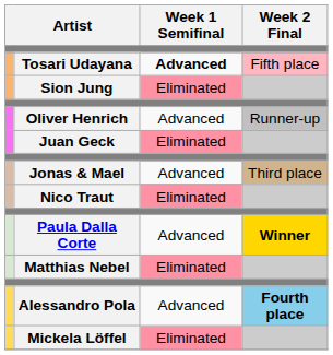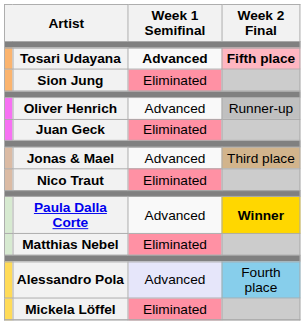 <table class="wikitable" style="font-size:90%; text-align:center; width:50%">
 <tr>
 <th style="width:18%" colspan="2">Artist</th>
 <th style="width:11%" scope="col">Week 1<br>Semifinal</th>
 <th style="width:11%" scope="col">Week 2<br>Final</th>
 </tr>
 <tr>
 <th style="background:grey" colspan="7"></th>
 </tr>
 <tr>
 <th style="background:#fbb46e"></th>
 <th>Tosari Udayana</th>
 <td><strong>Advanced</strong></td>
-<td style="background:lightpink">Fifth place</td>
+<td style="background:lightpink"><strong>Fifth place</strong></td>
 </tr>
 <tr>
 <th style="background:#fbb46e"></th>
 <th>Sion Jung</th>
 <td style="background:#FF91A4">Eliminated</td>
 <td style="background:#ccc"></td>
 </tr>
 <tr>
 <th colspan="7" style="background:grey"></th>
 </tr>
 <tr>
 <th style="background:#f771f3"></th>
 <th>Oliver Henrich</th>
 <td>Advanced</td>
 <td style="background:silver">Runner-up</td>
 </tr>
 <tr>
 <th style="background:#f771f3"></th>
 <th>Juan Geck</th>
 <td style="background:#FF91A4">Eliminated</td>
 <td style="background:#ccc"></td>
 </tr>
 <tr>
 <th style="background:grey" colspan="7"></th>
 </tr>
 <tr>
 <th style="background:#dbbba4"></th>
 <th>Jonas & Mael</th>
 <td>Advanced</td>
 <td style="background:tan">Third place</td>
 </tr>
 <tr>
 <th style="background:#dbbba4"></th>
 <th>Nico Traut</th>
 <td style="background:#FF91A4">Eliminated</td>
 <td style="background:#ccc"></td>
 </tr>
 <tr>
 <th style="background:grey" colspan="7"></th>
 </tr>
 <tr>
 <th style="background:#d7ead1"></th>
 <th><a href='#'>Paula Dalla Corte</a></th>
 <td>Advanced</td>
 <td style="background:gold"><strong>Winner</strong></td>
 </tr>
 <tr>
 <th style="background:#d7ead1"></th>
 <th>Matthias Nebel</th>
 <td style="background:#FF91A4">Eliminated</td>
 <td style="background:#ccc"></td>
 </tr>
 <tr>
 <th style="background:grey" colspan="7"></th>
 </tr>
 <tr>
 <th style="background:#ffdb58"></th>
 <th>Alessandro Pola</th>
-<td>Advanced</td>
-<td style="background:skyblue"><strong>Fourth place</strong></td>
+<td style="background: lavender;">Advanced</td>
+<td style="background:skyblue">Fourth place</td>
 </tr>
 <tr>
 <th style="background:#ffdb58"></th>
 <th>Mickela Löffel</th>
 <td style="background:#FF91A4">Eliminated</td>
 <td style="background:#ccc"></td>
 </tr>
 <tr>
 </tr>
 </table>
